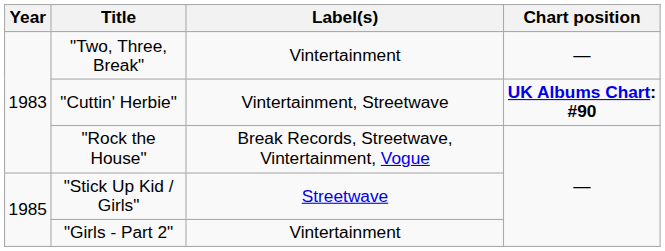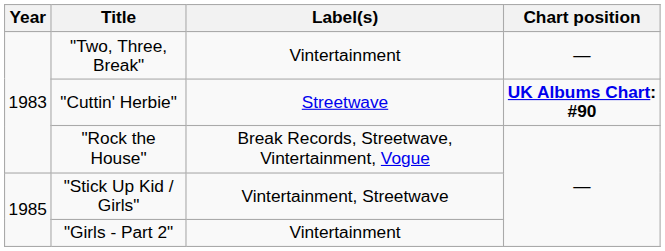 <table class="wikitable" style="text-align:center">
 <tr>
 <th>Year</th>
 <th>Title</th>
 <th>Label(s)</th>
 <th>Chart position</th>
 </tr>
 <tr>
 <td rowspan="3">1983</td>
 <td>"Two, Three, Break"</td>
 <td>Vintertainment</td>
 <td>—</td>
 </tr>
 <tr>
 <td>"Cuttin' Herbie"</td>
-<td>Vintertainment, Streetwave</td>
+<td><a href='#'>Streetwave</a></td>
 <td><strong><a href='#'>UK Albums Chart</a>: #90</strong></td>
 </tr>
 <tr>
 <td>"Rock the House"</td>
 <td>Break Records, Streetwave, Vintertainment, <a href='#'>Vogue</a></td>
 <td rowspan="3">—</td>
 </tr>
 <tr>
 <td rowspan="2">1985</td>
 <td>"Stick Up Kid / Girls"</td>
-<td><a href='#'>Streetwave</a></td>
+<td>Vintertainment, Streetwave</td>
 </tr>
 <tr>
 <td>"Girls - Part 2"</td>
 <td>Vintertainment</td>
 </tr>
 </table>
